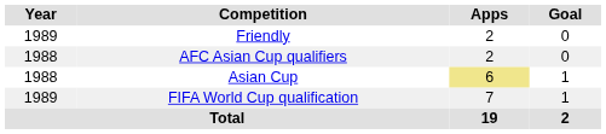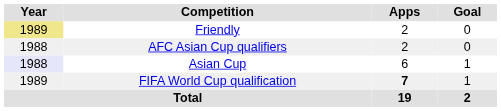 <table border="0" cellpadding="2" cellspacing="0" style="width:50%;">
 <tr style="text-align:center; background:#e0e0e0;">
 <th>Year</th>
 <th>Competition</th>
 <th>Apps</th>
 <th>Goal</th>
 </tr>
 <tr style="text-align:center;">
-<td>1989</td>
+<td style="background: khaki;">1989</td>
 <td><a href='#'>Friendly</a></td>
 <td>2</td>
 <td>0</td>
 </tr>
 <tr style="text-align:center; background:#f0f0f0;">
 <td>1988</td>
 <td><a href='#'>AFC Asian Cup qualifiers</a></td>
 <td>2</td>
 <td>0</td>
 </tr>
 <tr style="text-align:center;">
-<td>1988</td>
+<td style="background: lavender;">1988</td>
 <td><a href='#'>Asian Cup</a></td>
-<td style="background: khaki;">6</td>
+<td>6</td>
 <td>1</td>
 </tr>
 <tr style="text-align:center; background:#f0f0f0;">
 <td>1989</td>
 <td><a href='#'>FIFA World Cup qualification</a></td>
-<td>7</td>
+<td><strong>7</strong></td>
 <td>1</td>
 </tr>
 <tr style="text-align:center; background:#e0e0e0;">
 <th colspan="2">Total</th>
 <th style="text-align:center;">19</th>
 <th style="text-align:center;">2</th>
 </tr>
 </table>
